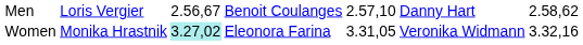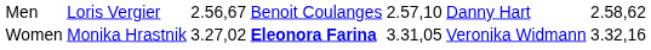 <table>
 <tr>
 <td align="left">Men</td>
 <td> <a href='#'>Loris Vergier</a></td>
 <td>2.56,67</td>
 <td> <a href='#'>Benoit Coulanges</a></td>
 <td>2.57,10</td>
 <td> <a href='#'>Danny Hart</a></td>
 <td>2.58,62</td>
 </tr>
 <tr>
 <td align="left">Women</td>
 <td> <a href='#'>Monika Hrastnik</a></td>
-<td style="background: paleturquoise;">3.27,02</td>
-<td> <a href='#'>Eleonora Farina</a></td>
+<td>3.27,02</td>
+<td><strong> <a href='#'>Eleonora Farina</a></strong></td>
 <td>3.31,05</td>
 <td> <a href='#'>Veronika Widmann</a></td>
 <td>3.32,16</td>
 </tr>
 </table>
